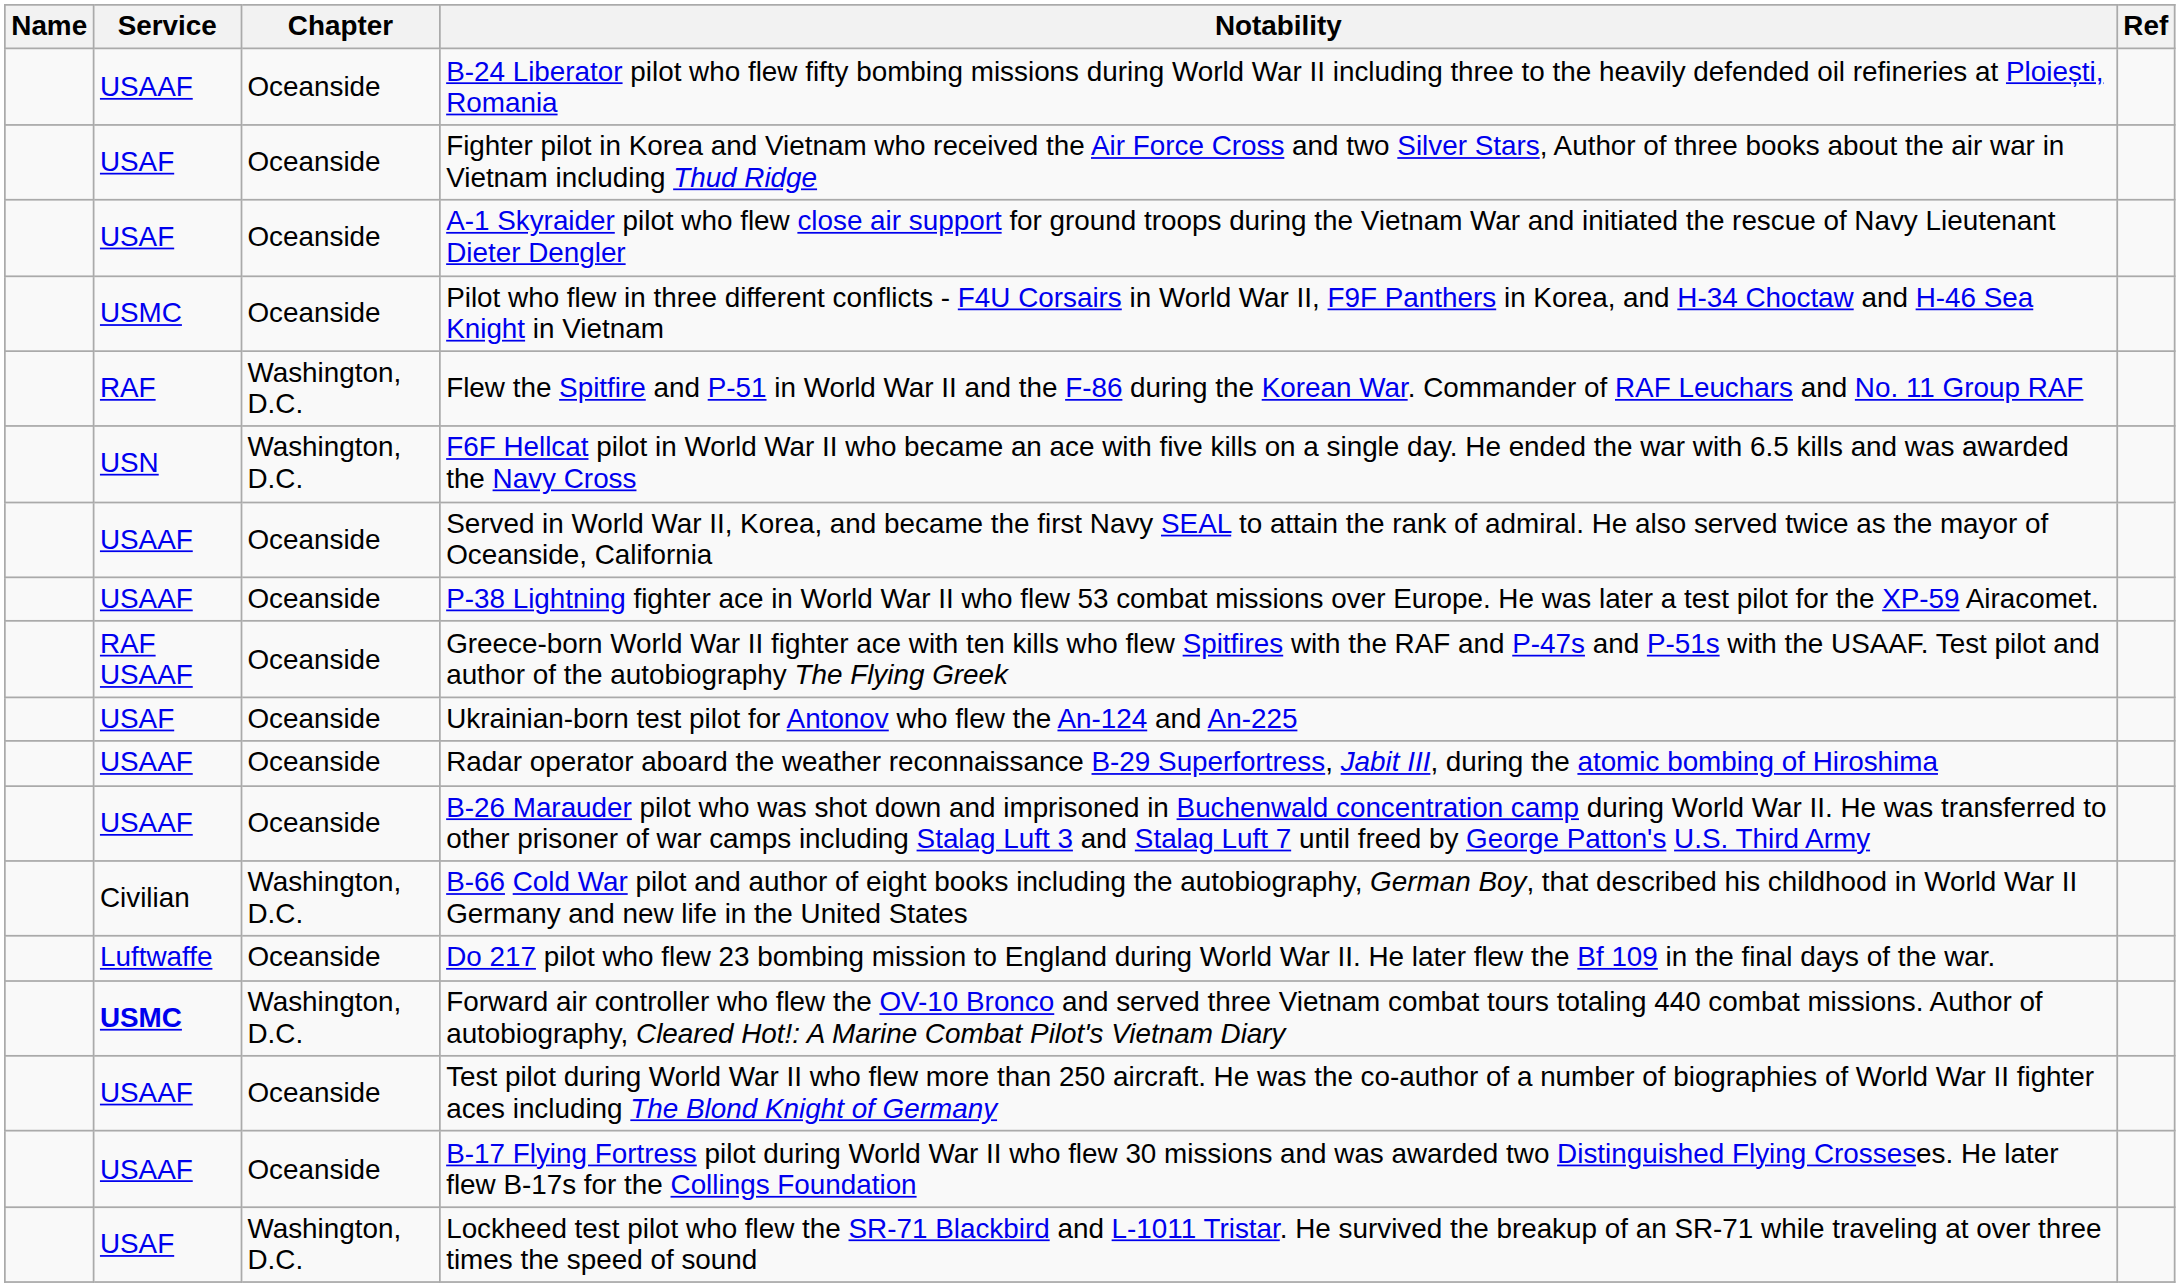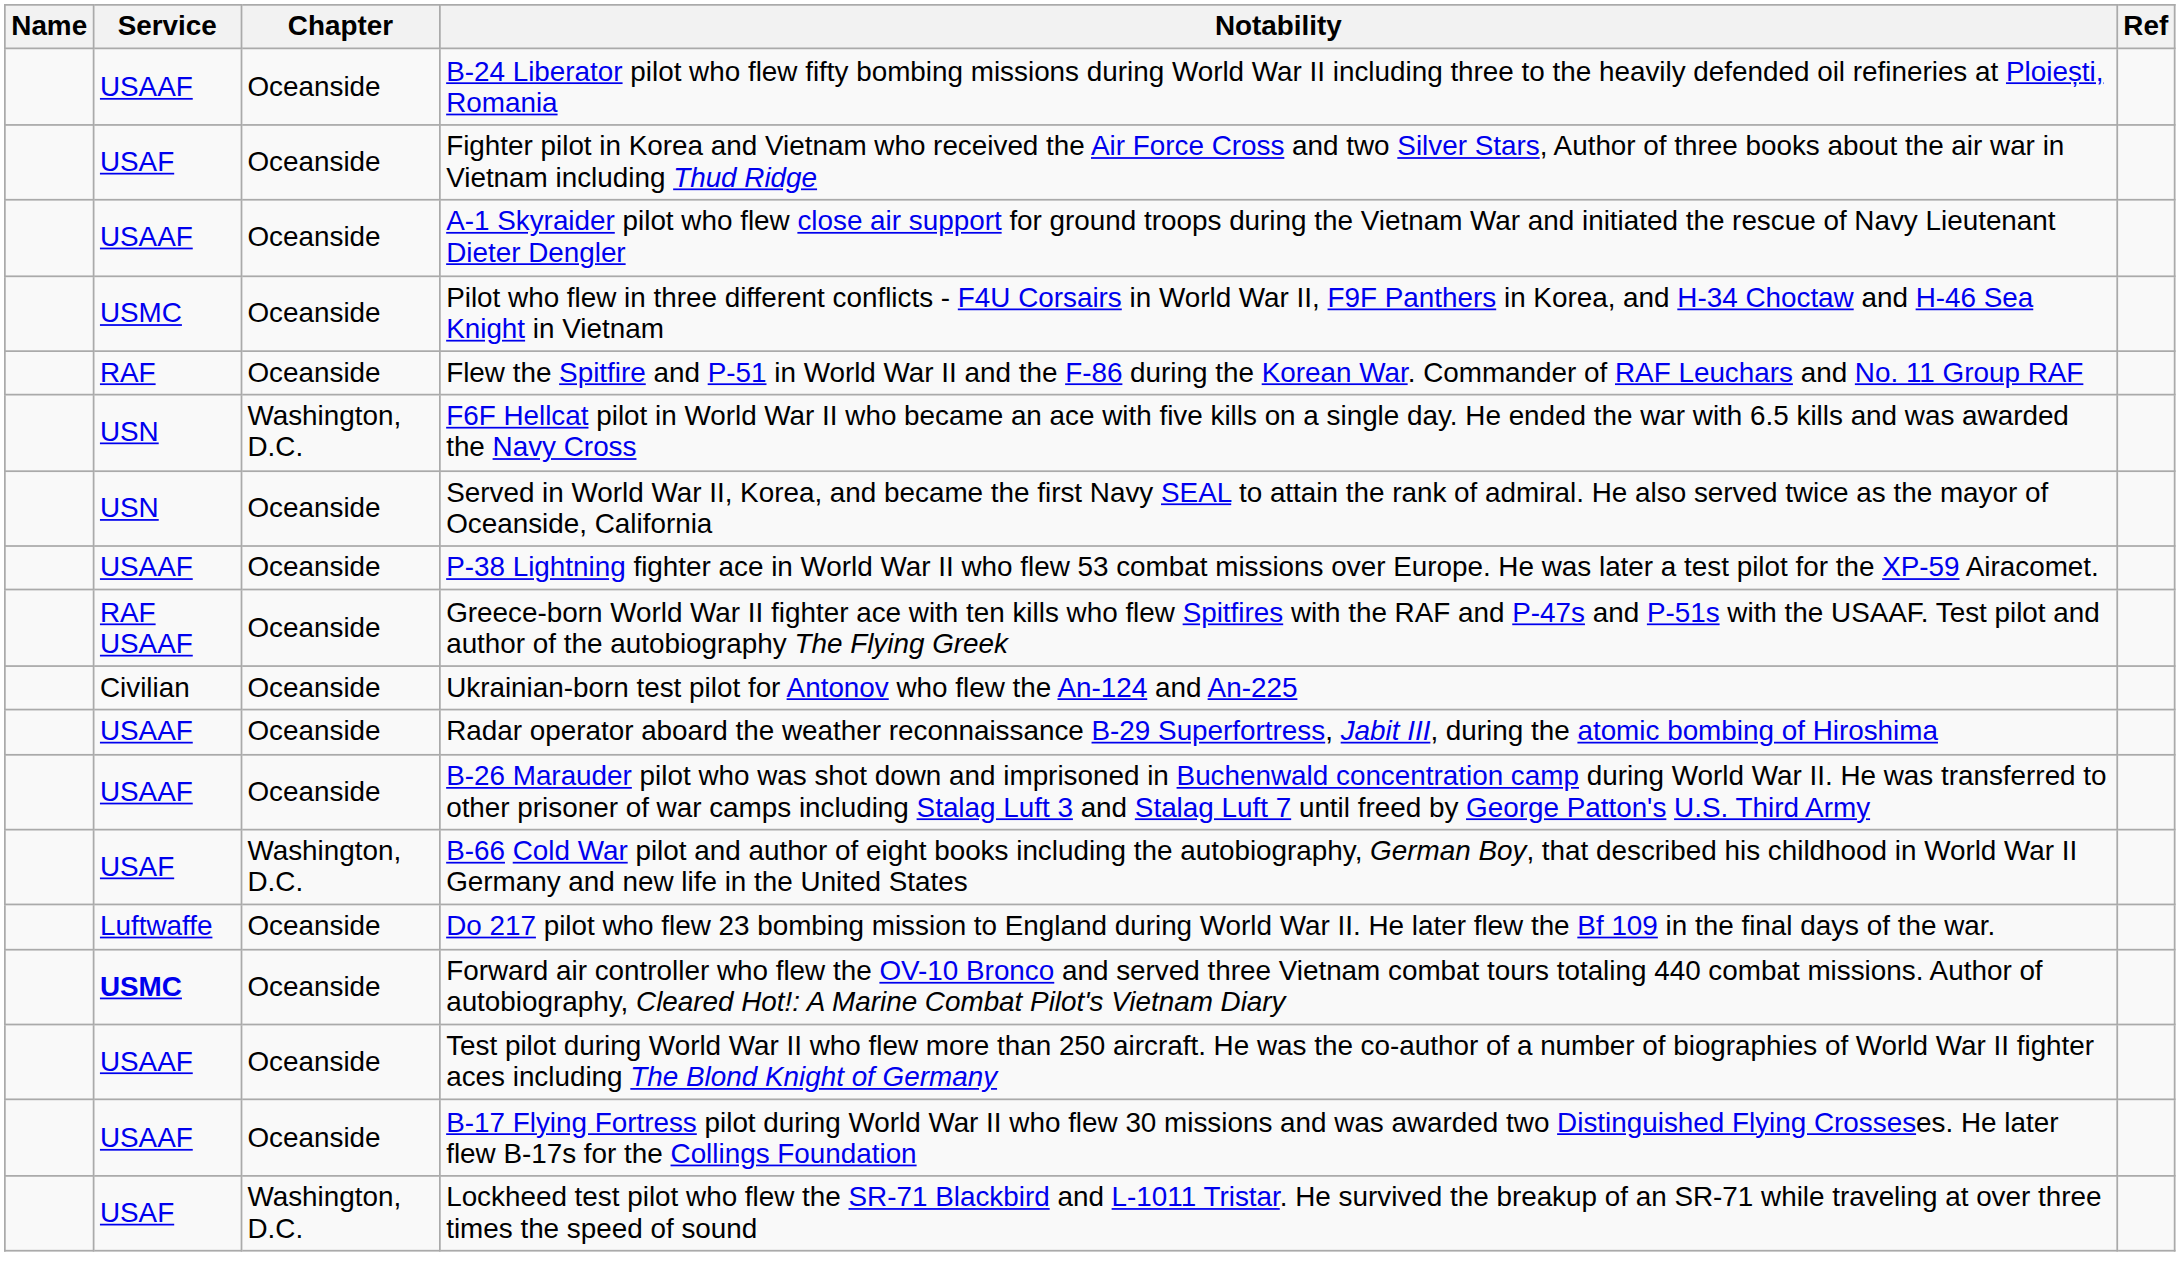 <table class="wikitable sortable">
 <tr>
 <th>Name</th>
 <th>Service</th>
 <th>Chapter</th>
 <th ! class="unsortable">Notability</th>
 <th ! class="unsortable">Ref</th>
 </tr>
 <tr>
 <td></td>
 <td><a href='#'>USAAF</a></td>
 <td>Oceanside</td>
 <td><a href='#'>B-24 Liberator</a> pilot who flew fifty bombing missions during World War II including three to the heavily defended oil refineries at <a href='#'>Ploiești, Romania</a></td>
 <td></td>
 </tr>
 <tr>
 <td></td>
 <td><a href='#'>USAF</a></td>
 <td>Oceanside</td>
 <td>Fighter pilot in Korea and Vietnam who received the <a href='#'>Air Force Cross</a> and two <a href='#'>Silver Stars</a>, Author of three books about the air war in Vietnam including <a href='#'><em>Thud Ridge</em></a></td>
 <td></td>
 </tr>
 <tr>
 <td></td>
-<td><a href='#'>USAF</a></td>
+<td><a href='#'>USAAF</a></td>
 <td>Oceanside</td>
 <td><a href='#'>A-1 Skyraider</a> pilot who flew <a href='#'>close air support</a> for ground troops during the Vietnam War and initiated the rescue of Navy Lieutenant <a href='#'>Dieter Dengler</a></td>
 <td></td>
 </tr>
 <tr>
 <td></td>
 <td><a href='#'>USMC</a></td>
 <td>Oceanside</td>
 <td>Pilot who flew in three different conflicts - <a href='#'>F4U Corsairs</a> in World War II, <a href='#'>F9F Panthers</a> in Korea, and <a href='#'>H-34 Choctaw</a> and <a href='#'>H-46 Sea Knight</a> in Vietnam</td>
 <td></td>
 </tr>
 <tr>
 <td></td>
 <td><a href='#'>RAF</a></td>
-<td>Washington, D.C.</td>
+<td>Oceanside</td>
 <td>Flew the <a href='#'>Spitfire</a> and <a href='#'>P-51</a> in World War II and the <a href='#'>F-86</a> during the <a href='#'>Korean War</a>. Commander of <a href='#'>RAF Leuchars</a> and <a href='#'>No. 11 Group RAF</a></td>
 <td></td>
 </tr>
 <tr>
 <td></td>
 <td><a href='#'>USN</a></td>
 <td>Washington, D.C.</td>
 <td><a href='#'>F6F Hellcat</a> pilot in World War II who became an ace with five kills on a single day. He ended the war with 6.5 kills and was awarded the <a href='#'>Navy Cross</a></td>
 <td></td>
 </tr>
 <tr>
 <td></td>
-<td><a href='#'>USAAF</a></td>
+<td><a href='#'>USN</a></td>
 <td>Oceanside</td>
 <td>Served in World War II, Korea, and became the first Navy <a href='#'>SEAL</a> to attain the rank of admiral. He also served twice as the mayor of Oceanside, California</td>
 <td></td>
 </tr>
 <tr>
 <td></td>
 <td><a href='#'>USAAF</a></td>
 <td>Oceanside</td>
 <td><a href='#'>P-38 Lightning</a> fighter ace in World War II who flew 53 combat missions over Europe. He was later a test pilot for the <a href='#'>XP-59</a> Airacomet.</td>
 <td></td>
 </tr>
 <tr>
 <td></td>
 <td><a href='#'>RAF</a> <a href='#'>USAAF</a></td>
 <td>Oceanside</td>
 <td>Greece-born World War II fighter ace with ten kills who flew <a href='#'>Spitfires</a> with the RAF and <a href='#'>P-47s</a> and <a href='#'>P-51s</a> with the USAAF. Test pilot and author of the autobiography <em>The Flying Greek</em></td>
 <td></td>
 </tr>
 <tr>
 <td></td>
-<td><a href='#'>USAF</a></td>
+<td>Civilian</td>
 <td>Oceanside</td>
 <td>Ukrainian-born test pilot for <a href='#'>Antonov</a> who flew the <a href='#'>An-124</a> and <a href='#'>An-225</a></td>
 <td></td>
 </tr>
 <tr>
 <td></td>
 <td><a href='#'>USAAF</a></td>
 <td>Oceanside</td>
 <td>Radar operator aboard the weather reconnaissance <a href='#'>B-29 Superfortress</a>, <a href='#'><em>Jabit III</em></a>, during the <a href='#'>atomic bombing of Hiroshima</a></td>
 <td></td>
 </tr>
 <tr>
 <td></td>
 <td><a href='#'>USAAF</a></td>
 <td>Oceanside</td>
 <td><a href='#'>B-26 Marauder</a> pilot who was shot down and imprisoned in <a href='#'>Buchenwald concentration camp</a> during World War II. He was transferred to other prisoner of war camps including <a href='#'>Stalag Luft 3</a> and <a href='#'>Stalag Luft 7</a> until freed by <a href='#'>George Patton's</a> <a href='#'>U.S. Third Army</a></td>
 <td></td>
 </tr>
 <tr>
 <td></td>
-<td>Civilian</td>
+<td><a href='#'>USAF</a></td>
 <td>Washington, D.C.</td>
 <td><a href='#'>B-66</a> <a href='#'>Cold War</a> pilot and author of eight books including the autobiography, <em>German Boy</em>, that described his childhood in World War II Germany and new life in the United States</td>
 <td></td>
 </tr>
 <tr>
 <td></td>
 <td><a href='#'>Luftwaffe</a></td>
 <td>Oceanside</td>
 <td><a href='#'>Do 217</a> pilot who flew 23 bombing mission to England during World War II. He later flew the <a href='#'>Bf 109</a> in the final days of the war.</td>
 <td></td>
 </tr>
 <tr>
 <td></td>
 <td><strong><a href='#'>USMC</a></strong></td>
-<td>Washington, D.C.</td>
+<td>Oceanside</td>
 <td>Forward air controller who flew the <a href='#'>OV-10 Bronco</a> and served three Vietnam combat tours totaling 440 combat missions. Author of autobiography, <em>Cleared Hot!: A Marine Combat Pilot's Vietnam Diary</em></td>
 <td></td>
 </tr>
 <tr>
 <td></td>
 <td><a href='#'>USAAF</a></td>
 <td>Oceanside</td>
 <td>Test pilot during World War II who flew more than 250 aircraft. He was the co-author of a number of biographies of World War II fighter aces including <em><a href='#'>The Blond Knight of Germany</a></em></td>
 <td></td>
 </tr>
 <tr>
 <td></td>
 <td><a href='#'>USAAF</a></td>
 <td>Oceanside</td>
 <td><a href='#'>B-17 Flying Fortress</a> pilot during World War II who flew 30 missions  and was awarded two <a href='#'>Distinguished Flying Crosses</a>es. He later flew B-17s for the <a href='#'>Collings Foundation</a></td>
 <td></td>
 </tr>
 <tr>
 <td></td>
 <td><a href='#'>USAF</a></td>
 <td>Washington, D.C.</td>
 <td>Lockheed test pilot who flew the <a href='#'>SR-71 Blackbird</a> and <a href='#'>L-1011 Tristar</a>. He survived the breakup of an SR-71 while traveling at over three times the speed of sound</td>
 <td></td>
 </tr>
 </table>
